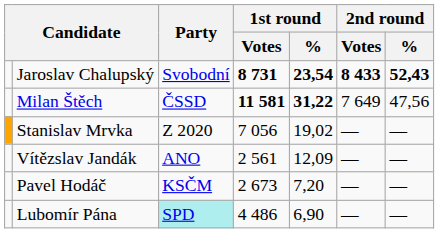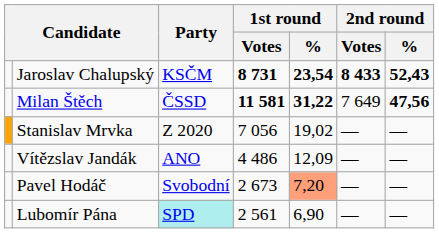 <table class="wikitable sortable">
 <tr>
 <th colspan="2" rowspan="2">Candidate</th>
 <th rowspan="2">Party</th>
 <th colspan="2">1st round</th>
 <th colspan="2">2nd round</th>
 </tr>
 <tr>
 <th>Votes</th>
 <th>%</th>
 <th>Votes</th>
 <th>%</th>
 </tr>
 <tr>
 <td style="background-color:"></td>
 <td>Jaroslav Chalupský</td>
-<td><a href='#'>Svobodní</a></td>
+<td><a href='#'>KSČM</a></td>
 <td><strong>8 731</strong></td>
 <td><strong>23,54</strong></td>
 <td><strong>8 433</strong></td>
 <td><strong>52,43</strong></td>
 </tr>
 <tr>
 <td style="background-color:"></td>
 <td><a href='#'>Milan Štěch</a></td>
 <td><a href='#'>ČSSD</a></td>
 <td><strong>11 581</strong></td>
 <td><strong>31,22</strong></td>
 <td>7 649</td>
-<td>47,56</td>
+<td><strong>47,56</strong></td>
 </tr>
 <tr>
 <td style="background-color:orange"></td>
 <td>Stanislav Mrvka</td>
 <td>Z 2020</td>
 <td>7 056</td>
 <td>19,02</td>
 <td>—</td>
 <td>—</td>
 </tr>
 <tr>
 <td style="background-color:"></td>
 <td>Vítězslav Jandák</td>
 <td><a href='#'>ANO</a></td>
-<td>2 561</td>
+<td>4 486</td>
 <td>12,09</td>
 <td>—</td>
 <td>—</td>
 </tr>
 <tr>
 <td style="background-color:"></td>
 <td>Pavel Hodáč</td>
-<td><a href='#'>KSČM</a></td>
+<td><a href='#'>Svobodní</a></td>
 <td>2 673</td>
-<td>7,20</td>
+<td style="background: lightsalmon;">7,20</td>
 <td>—</td>
 <td>—</td>
 </tr>
 <tr>
 <td style="background-color:"></td>
 <td>Lubomír Pána</td>
 <td style="background: paleturquoise;"><a href='#'>SPD</a></td>
-<td>4 486</td>
+<td>2 561</td>
 <td>6,90</td>
 <td>—</td>
 <td>—</td>
 </tr>
 </table>
